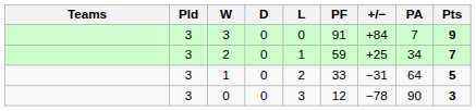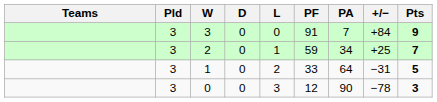 <table class="wikitable" style="text-align: center;">
 <tr>
 <th width="200">Teams</th>
 <th width="40">Pld</th>
 <th width="40">W</th>
 <th width="40">D</th>
 <th width="40">L</th>
 <th width="40">PF</th>
+<th width="40">PA</th>
 <th width="40">+/−</th>
-<th width="40">PA</th>
 <th width="40">Pts</th>
 </tr>
 <tr bgcolor=ccffcc>
 <td align=left></td>
 <td>3</td>
 <td>3</td>
 <td>0</td>
 <td>0</td>
 <td>91</td>
+<td>7</td>
 <td>+84</td>
-<td>7</td>
 <td><strong>9</strong></td>
 </tr>
 <tr bgcolor=ccffcc>
 <td align=left></td>
 <td>3</td>
 <td>2</td>
 <td>0</td>
 <td>1</td>
 <td>59</td>
+<td>34</td>
 <td>+25</td>
-<td>34</td>
 <td><strong>7</strong></td>
 </tr>
 <tr>
 <td align=left></td>
 <td>3</td>
 <td>1</td>
 <td>0</td>
 <td>2</td>
 <td>33</td>
+<td>64</td>
 <td>−31</td>
-<td>64</td>
 <td><strong>5</strong></td>
 </tr>
 <tr>
 <td align=left></td>
 <td>3</td>
 <td>0</td>
 <td>0</td>
 <td>3</td>
 <td>12</td>
+<td>90</td>
 <td>−78</td>
-<td>90</td>
 <td><strong>3</strong></td>
 </tr>
 </table>
